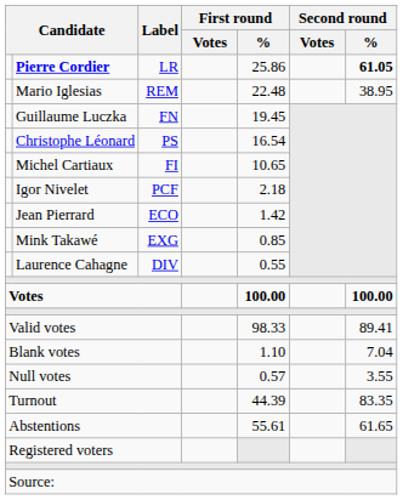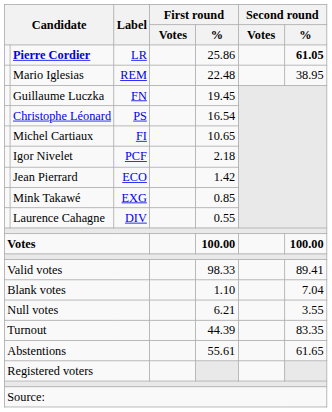 <table class="wikitable" style="text-align:right;font-size:95%;">
 <tr style="background-color:#E9E9E9;text-align:center;">
 <th colspan="2" rowspan="2">Candidate</th>
 <th rowspan="2">Label</th>
 <th colspan="2">First round</th>
 <th colspan="2">Second round</th>
 </tr>
 <tr>
 <th style="width:50px;">Votes</th>
 <th style="width:45px;">%</th>
 <th style="width:50px;">Votes</th>
 <th style="width:45px;">%</th>
 </tr>
 <tr>
 <td style="color:inherit;background:"></td>
 <td style="text-align:left;"><strong><a href='#'>Pierre Cordier</a></strong></td>
 <td><a href='#'>LR</a></td>
 <td></td>
 <td>25.86</td>
 <td><strong></strong></td>
 <td><strong>61.05</strong></td>
 </tr>
 <tr>
 <td style="color:inherit;background:"></td>
 <td style="text-align:left;">Mario Iglesias</td>
 <td><a href='#'>REM</a></td>
 <td></td>
 <td>22.48</td>
 <td></td>
 <td>38.95</td>
 </tr>
 <tr>
 <td style="color:inherit;background:"></td>
 <td style="text-align:left;">Guillaume Luczka</td>
 <td><a href='#'>FN</a></td>
 <td></td>
 <td>19.45</td>
 <td colspan="2" rowspan="7" style="background:#E9E9E9;"></td>
 </tr>
 <tr>
 <td style="color:inherit;background:"></td>
 <td style="text-align:left;"><a href='#'>Christophe Léonard</a></td>
 <td><a href='#'>PS</a></td>
 <td></td>
 <td>16.54</td>
 </tr>
 <tr>
 <td style="color:inherit;background:"></td>
 <td style="text-align:left;">Michel Cartiaux</td>
 <td><a href='#'>FI</a></td>
 <td></td>
 <td>10.65</td>
 </tr>
 <tr>
 <td style="color:inherit;background:"></td>
 <td style="text-align:left;">Igor Nivelet</td>
 <td><a href='#'>PCF</a></td>
 <td></td>
 <td>2.18</td>
 </tr>
 <tr>
 <td style="color:inherit;background:"></td>
 <td style="text-align:left;">Jean Pierrard</td>
 <td><a href='#'>ECO</a></td>
 <td></td>
 <td>1.42</td>
 </tr>
 <tr>
 <td style="color:inherit;background:"></td>
 <td style="text-align:left;">Mink Takawé</td>
 <td><a href='#'>EXG</a></td>
 <td></td>
 <td>0.85</td>
 </tr>
 <tr>
 <td style="color:inherit;background:"></td>
 <td style="text-align:left;">Laurence Cahagne</td>
 <td><a href='#'>DIV</a></td>
 <td></td>
 <td>0.55</td>
 </tr>
 <tr>
 <td colspan="7" style="background:#E9E9E9;"></td>
 </tr>
 <tr style="font-weight:bold;">
 <td colspan="3" style="text-align:left;">Votes</td>
 <td></td>
 <td>100.00</td>
 <td></td>
 <td>100.00</td>
 </tr>
 <tr>
 <td colspan="7" style="background:#E9E9E9;"></td>
 </tr>
 <tr>
 <td colspan="3" style="text-align:left;">Valid votes</td>
 <td></td>
 <td>98.33</td>
 <td></td>
 <td>89.41</td>
 </tr>
 <tr>
 <td colspan="3" style="text-align:left;">Blank votes</td>
 <td></td>
 <td>1.10</td>
 <td></td>
 <td>7.04</td>
 </tr>
 <tr>
 <td colspan="3" style="text-align:left;">Null votes</td>
 <td></td>
-<td>0.57</td>
+<td>6.21</td>
 <td></td>
 <td>3.55</td>
 </tr>
 <tr>
 <td colspan="3" style="text-align:left;">Turnout</td>
 <td></td>
 <td>44.39</td>
 <td></td>
 <td>83.35</td>
 </tr>
 <tr>
 <td colspan="3" style="text-align:left;">Abstentions</td>
 <td></td>
 <td>55.61</td>
 <td></td>
 <td>61.65</td>
 </tr>
 <tr>
 <td colspan="3" style="text-align:left;">Registered voters</td>
 <td></td>
 <td style="background:#E9E9E9;"></td>
 <td></td>
 <td style="background:#E9E9E9;"></td>
 </tr>
 <tr>
 <td colspan="7" style="background:#E9E9E9;"></td>
 </tr>
 <tr>
 <td colspan="7" style="text-align:left;">Source: </td>
 </tr>
 </table>
